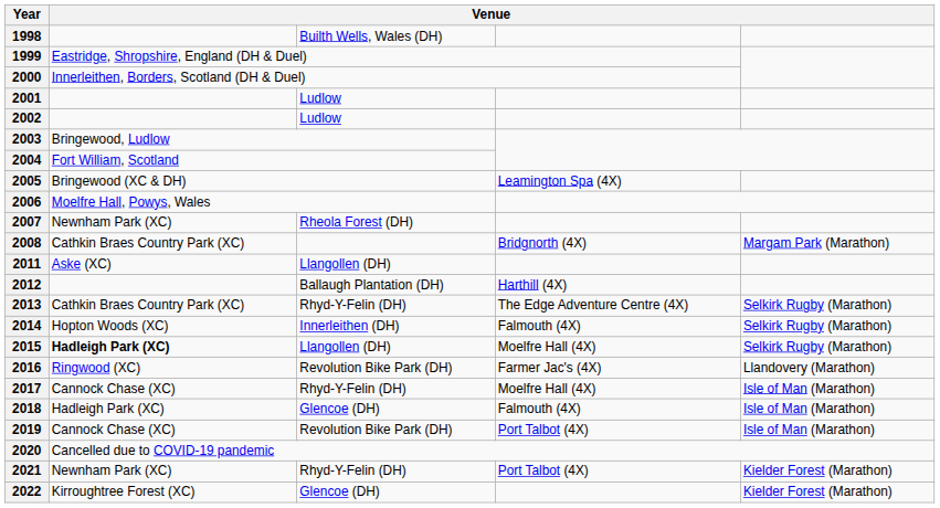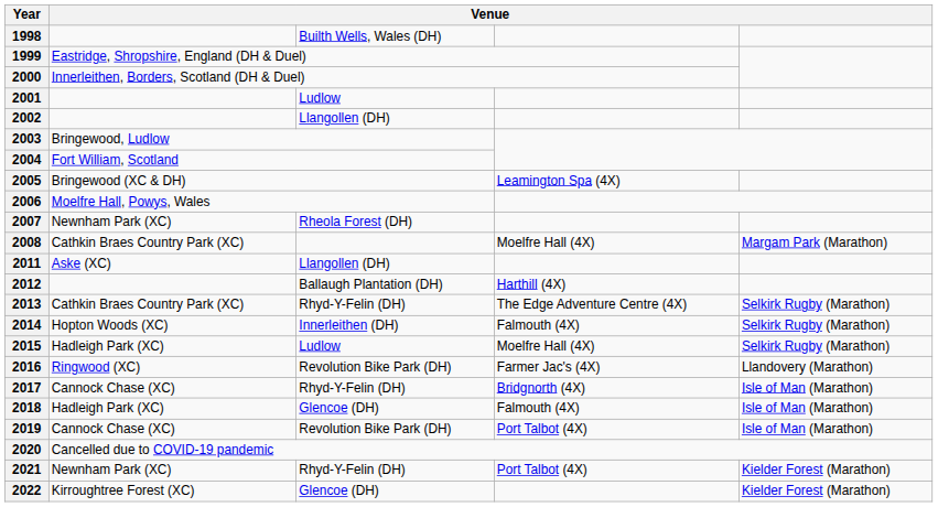 <table class="wikitable" style="width:90%;">
 <tr>
 <th>Year</th>
 <th colspan=4>Venue</th>
 </tr>
 <tr>
 <th>1998</th>
 <td></td>
 <td><a href='#'>Builth Wells</a>, Wales (DH)</td>
 <td></td>
 <td></td>
 </tr>
 <tr>
 <th>1999</th>
 <td colspan=3><a href='#'>Eastridge</a>, <a href='#'>Shropshire</a>, England (DH & Duel)</td>
 </tr>
 <tr>
 <th>2000</th>
 <td colspan=3><a href='#'>Innerleithen</a>, <a href='#'>Borders</a>, Scotland (DH & Duel)</td>
 </tr>
 <tr>
 <th>2001</th>
 <td></td>
 <td><a href='#'>Ludlow</a></td>
 <td></td>
 <td></td>
 </tr>
 <tr>
 <th>2002</th>
 <td></td>
-<td><a href='#'>Ludlow</a></td>
+<td><a href='#'>Llangollen</a> (DH)</td>
 <td></td>
 <td></td>
 </tr>
 <tr>
 <th>2003</th>
 <td colspan=2>Bringewood, <a href='#'>Ludlow</a></td>
 </tr>
 <tr>
 <th>2004</th>
 <td colspan=2><a href='#'>Fort William</a>, <a href='#'>Scotland</a></td>
 </tr>
 <tr>
 <th>2005</th>
 <td colspan=2>Bringewood (XC & DH)</td>
 <td><a href='#'>Leamington Spa</a> (4X)</td>
 <td></td>
 </tr>
 <tr>
 <th>2006</th>
 <td colspan=2><a href='#'>Moelfre Hall</a>, <a href='#'>Powys</a>, Wales</td>
 </tr>
 <tr>
 <th>2007</th>
 <td>Newnham Park (XC)</td>
 <td><a href='#'>Rheola Forest</a> (DH)</td>
 <td></td>
 <td></td>
 </tr>
 <tr>
 <th>2008</th>
 <td>Cathkin Braes Country Park (XC)</td>
 <td></td>
-<td><a href='#'>Bridgnorth</a> (4X)</td>
+<td>Moelfre Hall (4X)</td>
 <td><a href='#'>Margam Park</a> (Marathon)</td>
 </tr>
 <tr>
 <th>2011</th>
 <td><a href='#'>Aske</a> (XC)</td>
 <td><a href='#'>Llangollen</a> (DH)</td>
 <td></td>
 <td></td>
 </tr>
 <tr>
 <th>2012</th>
 <td></td>
 <td>Ballaugh Plantation (DH)</td>
 <td><a href='#'>Harthill</a> (4X)</td>
 <td></td>
 </tr>
 <tr>
 <th>2013</th>
 <td>Cathkin Braes Country Park (XC)</td>
 <td>Rhyd-Y-Felin (DH)</td>
 <td>The Edge Adventure Centre (4X)</td>
 <td><a href='#'>Selkirk Rugby</a> (Marathon)</td>
 </tr>
 <tr>
 <th>2014</th>
 <td>Hopton Woods (XC)</td>
 <td><a href='#'>Innerleithen</a> (DH)</td>
 <td>Falmouth (4X)</td>
 <td><a href='#'>Selkirk Rugby</a> (Marathon)</td>
 </tr>
 <tr>
 <th>2015</th>
-<td><strong>Hadleigh Park (XC)</strong></td>
-<td><a href='#'>Llangollen</a> (DH)</td>
+<td>Hadleigh Park (XC)</td>
+<td><a href='#'>Ludlow</a></td>
 <td>Moelfre Hall (4X)</td>
 <td><a href='#'>Selkirk Rugby</a> (Marathon)</td>
 </tr>
 <tr>
 <th>2016</th>
 <td><a href='#'>Ringwood</a> (XC)</td>
 <td>Revolution Bike Park (DH)</td>
 <td>Farmer Jac's (4X)</td>
 <td>Llandovery (Marathon)</td>
 </tr>
 <tr>
 <th>2017</th>
 <td>Cannock Chase (XC)</td>
 <td>Rhyd-Y-Felin (DH)</td>
-<td>Moelfre Hall (4X)</td>
+<td><a href='#'>Bridgnorth</a> (4X)</td>
 <td><a href='#'>Isle of Man</a> (Marathon)</td>
 </tr>
 <tr>
 <th>2018</th>
 <td>Hadleigh Park (XC)</td>
 <td><a href='#'>Glencoe</a> (DH)</td>
 <td>Falmouth (4X)</td>
 <td><a href='#'>Isle of Man</a> (Marathon)</td>
 </tr>
 <tr>
 <th>2019</th>
 <td>Cannock Chase (XC)</td>
 <td>Revolution Bike Park (DH)</td>
 <td><a href='#'>Port Talbot</a> (4X)</td>
 <td><a href='#'>Isle of Man</a> (Marathon)</td>
 </tr>
 <tr>
 <th>2020</th>
 <td colspan=4>Cancelled due to <a href='#'>COVID-19 pandemic</a></td>
 </tr>
 <tr>
 <th>2021</th>
 <td>Newnham Park (XC)</td>
 <td>Rhyd-Y-Felin (DH)</td>
 <td><a href='#'>Port Talbot</a> (4X)</td>
 <td><a href='#'>Kielder Forest</a> (Marathon)</td>
 </tr>
 <tr>
 <th>2022</th>
 <td>Kirroughtree Forest (XC)</td>
 <td><a href='#'>Glencoe</a> (DH)</td>
 <td></td>
 <td><a href='#'>Kielder Forest</a> (Marathon)</td>
 </tr>
 </table>
